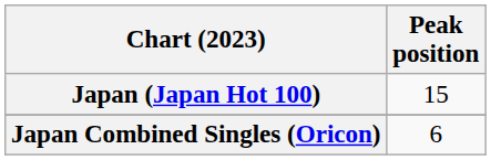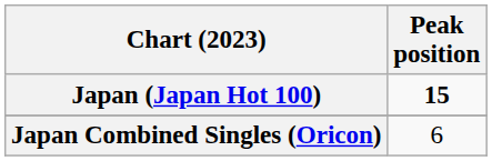 <table class="wikitable sortable plainrowheaders" style="text-align:center">
 <tr>
 <th scope="col">Chart (2023)</th>
 <th scope="col">Peak<br>position</th>
 </tr>
 <tr>
 <th scope="row">Japan (<a href='#'>Japan Hot 100</a>)</th>
-<td>15</td>
+<td><strong>15</strong></td>
 </tr>
 <tr>
 </tr>
 <tr>
 <th scope="row">Japan Combined Singles (<a href='#'>Oricon</a>)</th>
 <td>6</td>
 </tr>
 </table>
